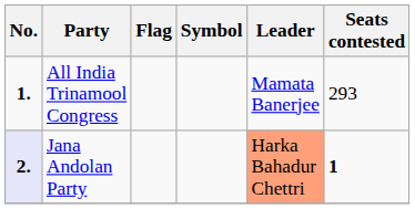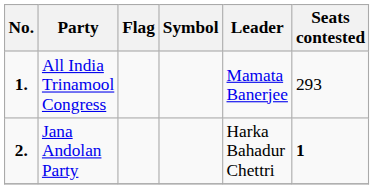 <table class="wikitable sortable" width="50%">
 <tr>
 <th>No.</th>
 <th>Party</th>
 <th>Flag</th>
 <th>Symbol</th>
 <th>Leader</th>
 <th>Seats contested</th>
 </tr>
 <tr>
 <td style="text-align:center; background:"><strong>1.</strong></td>
 <td><a href='#'>All India Trinamool Congress</a></td>
 <td></td>
 <td></td>
 <td><a href='#'>Mamata Banerjee</a></td>
 <td>293</td>
 </tr>
 <tr>
-<td style="background: lavender; text-align:center;"><strong>2.</strong></td>
+<td style="text-align:center;"><strong>2.</strong></td>
 <td><a href='#'>Jana Andolan Party</a></td>
 <td></td>
 <td></td>
-<td style="background: lightsalmon;">Harka Bahadur Chettri</td>
+<td>Harka Bahadur Chettri</td>
 <td><strong>1</strong></td>
 </tr>
 <tr>
 </tr>
 </table>
